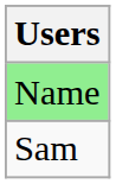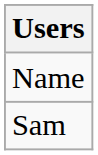 <table class="wikitable">
 <tr>
 <th>Users</th>
 </tr>
 <tr>
-<td style="background: lightgreen;">Name</td>
+<td>Name</td>
 </tr>
 <tr>
 <td>Sam</td>
 </tr>
 </table>
